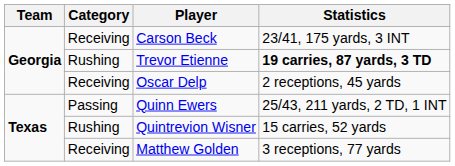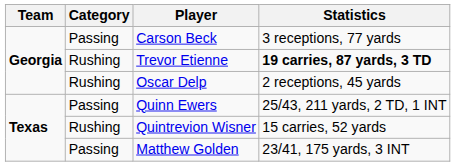 <table class="wikitable" style="float: right;">
 <tr>
 <th>Team</th>
 <th>Category</th>
 <th>Player</th>
 <th>Statistics</th>
 </tr>
 <tr>
 <td rowspan=3><strong>Georgia</strong></td>
-<td>Receiving</td>
+<td>Passing</td>
 <td><a href='#'>Carson Beck</a></td>
-<td>23/41, 175 yards, 3 INT</td>
+<td>3 receptions, 77 yards</td>
 </tr>
 <tr>
 <td>Rushing</td>
 <td><a href='#'>Trevor Etienne</a></td>
 <td><strong>19 carries, 87 yards, 3 TD</strong></td>
 </tr>
 <tr>
-<td>Receiving</td>
+<td>Rushing</td>
 <td><a href='#'>Oscar Delp</a></td>
 <td>2 receptions, 45 yards</td>
 </tr>
 <tr>
 <td rowspan=3><strong>Texas</strong></td>
 <td>Passing</td>
 <td><a href='#'>Quinn Ewers</a></td>
 <td>25/43, 211 yards, 2 TD, 1 INT</td>
 </tr>
 <tr>
 <td>Rushing</td>
 <td><a href='#'>Quintrevion Wisner</a></td>
 <td>15 carries, 52 yards</td>
 </tr>
 <tr>
-<td>Receiving</td>
+<td>Passing</td>
 <td><a href='#'>Matthew Golden</a></td>
-<td>3 receptions, 77 yards</td>
+<td>23/41, 175 yards, 3 INT</td>
 </tr>
 </table>
